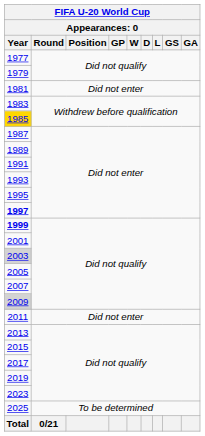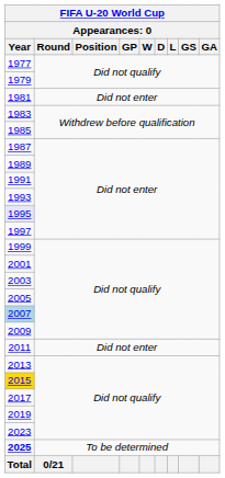 <table class="wikitable" style="text-align: center;font-size:90%;">
 <tr>
 <th colspan=9><a href='#'>FIFA U-20 World Cup</a></th>
 </tr>
 <tr>
 <th colspan=9>Appearances: 0</th>
 </tr>
 <tr>
 <th>Year</th>
 <th>Round</th>
 <th>Position</th>
 <th>GP</th>
 <th>W</th>
 <th>D</th>
 <th>L</th>
 <th>GS</th>
 <th>GA</th>
 </tr>
 <tr>
 <td> <a href='#'>1977</a></td>
 <td colspan=8 rowspan=2><em>Did not qualify</em></td>
 </tr>
 <tr>
 <td> <a href='#'>1979</a></td>
 </tr>
 <tr>
 <td> <a href='#'>1981</a></td>
 <td colspan=8 rowspan=1><em>Did not enter</em></td>
 </tr>
 <tr>
 <td> <a href='#'>1983</a></td>
 <td colspan=8 rowspan=2><em>Withdrew before qualification</em></td>
 </tr>
 <tr>
-<td style="background: gold;"> <a href='#'>1985</a></td>
+<td> <a href='#'>1985</a></td>
 </tr>
 <tr>
 <td> <a href='#'>1987</a></td>
 <td colspan=8 rowspan=6><em>Did not enter</em></td>
 </tr>
 <tr>
 <td> <a href='#'>1989</a></td>
 </tr>
 <tr>
 <td> <a href='#'>1991</a></td>
 </tr>
 <tr>
 <td> <a href='#'>1993</a></td>
 </tr>
 <tr>
-<td> <a href='#'>1995</a></td>
+<td style="background: lavender;"> <a href='#'>1995</a></td>
 </tr>
 <tr>
-<td><strong> <a href='#'>1997</a></strong></td>
+<td> <a href='#'>1997</a></td>
 </tr>
 <tr>
-<td><strong> <a href='#'>1999</a></strong></td>
+<td> <a href='#'>1999</a></td>
 <td colspan=8 rowspan=6><em>Did not qualify</em></td>
 </tr>
 <tr>
 <td> <a href='#'>2001</a></td>
 </tr>
 <tr>
-<td style="background: lightgrey;"> <a href='#'>2003</a></td>
+<td> <a href='#'>2003</a></td>
 </tr>
 <tr>
 <td> <a href='#'>2005</a></td>
 </tr>
 <tr>
-<td> <a href='#'>2007</a></td>
+<td style="background: lightblue;"> <a href='#'>2007</a></td>
 </tr>
 <tr>
-<td style="background: lightgrey;"> <a href='#'>2009</a></td>
+<td> <a href='#'>2009</a></td>
 </tr>
 <tr>
 <td> <a href='#'>2011</a></td>
 <td colspan=8><em>Did not enter</em></td>
 </tr>
 <tr>
 <td> <a href='#'>2013</a></td>
 <td colspan=8 rowspan=5><em>Did not qualify</em></td>
 </tr>
 <tr>
-<td> <a href='#'>2015</a></td>
+<td style="background: gold;"> <a href='#'>2015</a></td>
 </tr>
 <tr>
 <td> <a href='#'>2017</a></td>
 </tr>
 <tr>
 <td> <a href='#'>2019</a></td>
 </tr>
 <tr>
 <td> <a href='#'>2023</a></td>
 </tr>
 <tr>
-<td> <a href='#'>2025</a></td>
+<td><strong> <a href='#'>2025</a></strong></td>
 <td colspan=8><em>To be determined</em></td>
 </tr>
 <tr>
 <th>Total</th>
 <th>0/21</th>
 <th></th>
 <th></th>
 <th></th>
 <th></th>
 <th></th>
 <th></th>
 <th></th>
 </tr>
 </table>
